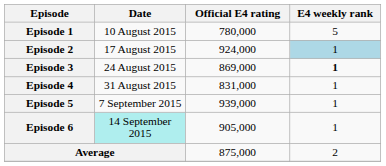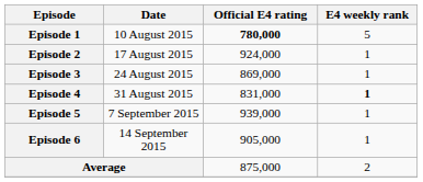 <table class="wikitable sortable" style="text-align:center">
 <tr>
 <th scope="col" style="width:120px;">Episode</th>
 <th scope="col" style="width:120px;">Date</th>
 <th scope="col" style="width:140px;">Official E4 rating</th>
 <th scope="col" style="width:120px;">E4 weekly rank</th>
 </tr>
 <tr>
 <th scope="row">Episode 1</th>
 <td>10 August 2015</td>
-<td>780,000</td>
+<td><strong>780,000</strong></td>
 <td>5</td>
 </tr>
 <tr>
 <th scope="row">Episode 2</th>
 <td>17 August 2015</td>
 <td>924,000</td>
-<td style="background: lightblue;">1</td>
+<td>1</td>
 </tr>
 <tr>
 <th scope="row">Episode 3</th>
 <td>24 August 2015</td>
 <td>869,000</td>
-<td><strong>1</strong></td>
+<td>1</td>
 </tr>
 <tr>
 <th scope="row">Episode 4</th>
 <td>31 August 2015</td>
 <td>831,000</td>
-<td>1</td>
+<td><strong>1</strong></td>
 </tr>
 <tr>
 <th scope="row">Episode 5</th>
 <td>7 September 2015</td>
 <td>939,000</td>
 <td>1</td>
 </tr>
 <tr>
 <th scope="row">Episode 6</th>
-<td style="background: paleturquoise;">14 September 2015</td>
+<td>14 September 2015</td>
 <td>905,000</td>
 <td>1</td>
 </tr>
 <tr>
 <th scope="row" colspan="2">Average</th>
 <td>875,000</td>
 <td>2</td>
 </tr>
 <tr>
 </tr>
 </table>
